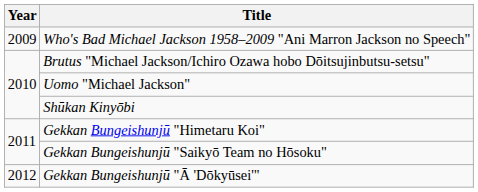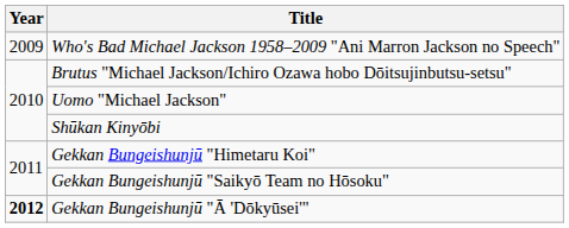 <table class="wikitable">
 <tr>
 <th>Year</th>
 <th>Title</th>
 </tr>
 <tr>
 <td>2009</td>
 <td><em>Who's Bad Michael Jackson 1958–2009</em> "Ani Marron Jackson no Speech"</td>
 </tr>
 <tr>
 <td rowspan="3">2010</td>
 <td><em>Brutus</em> "Michael Jackson/Ichiro Ozawa hobo Dōitsujinbutsu-setsu"</td>
 </tr>
 <tr>
 <td><em>Uomo</em> "Michael Jackson"</td>
 </tr>
 <tr>
 <td><em>Shūkan Kinyōbi</em></td>
 </tr>
 <tr>
 <td rowspan="2">2011</td>
 <td><em>Gekkan <a href='#'>Bungeishunjū</a></em> "Himetaru Koi"</td>
 </tr>
 <tr>
 <td><em>Gekkan Bungeishunjū</em> "Saikyō Team no Hōsoku"</td>
 </tr>
 <tr>
-<td>2012</td>
+<td><strong>2012</strong></td>
 <td><em>Gekkan Bungeishunjū</em> "Ā 'Dōkyūsei'"</td>
 </tr>
 </table>
